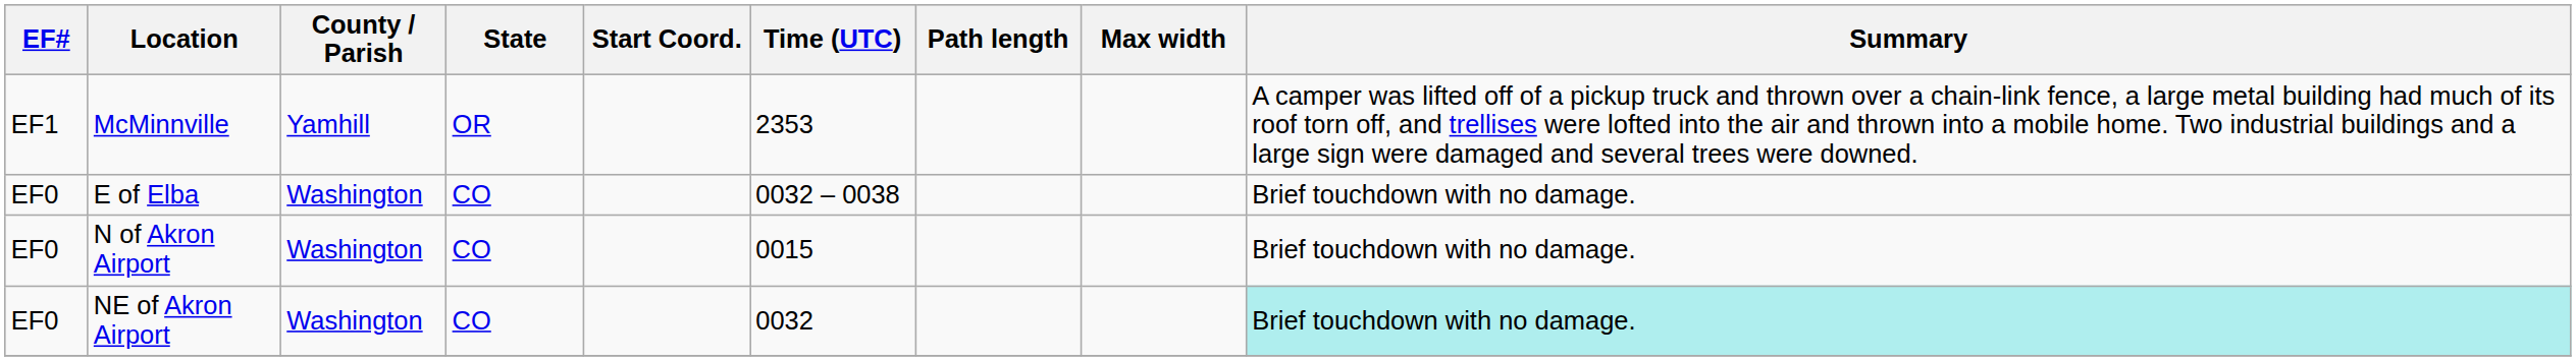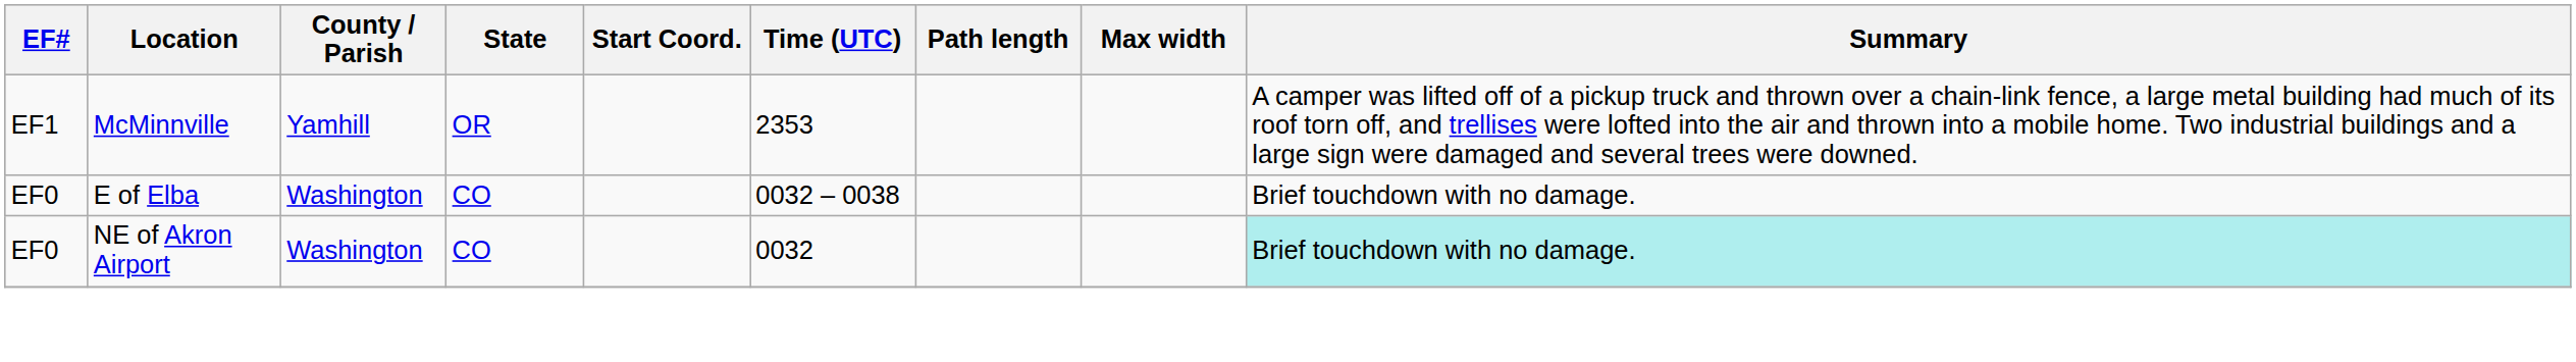 <table class="wikitable sortable" style="width:100%;">
 <tr>
 <th scope="col" width="3%" align="center"><a href='#'>EF#</a></th>
 <th scope="col" width="7%" align="center" class="unsortable">Location</th>
 <th scope="col" width="6%" align="center" class="unsortable">County / Parish</th>
 <th scope="col" width="5%" align="center">State</th>
 <th scope="col" width="6%" align="center">Start Coord.</th>
 <th scope="col" width="6%" align="center">Time (<a href='#'>UTC</a>)</th>
 <th scope="col" width="6%" align="center">Path length</th>
 <th scope="col" width="6%" align="center">Max width</th>
 <th scope="col" width="48%" class="unsortable" align="center">Summary</th>
 </tr>
 <tr>
 <td>EF1</td>
 <td><a href='#'>McMinnville</a></td>
 <td><a href='#'>Yamhill</a></td>
 <td><a href='#'>OR</a></td>
 <td></td>
 <td>2353</td>
 <td></td>
 <td></td>
 <td>A camper was lifted off of a pickup truck and thrown over a chain-link fence, a large metal building had much of its roof torn off, and  <a href='#'>trellises</a> were lofted into the air and thrown into a mobile home. Two industrial buildings and a large sign were damaged and several trees were downed.</td>
 </tr>
 <tr>
 <td>EF0</td>
 <td>E of <a href='#'>Elba</a></td>
 <td><a href='#'>Washington</a></td>
 <td><a href='#'>CO</a></td>
 <td></td>
 <td>0032 – 0038</td>
 <td></td>
 <td></td>
 <td>Brief touchdown with no damage.</td>
 </tr>
 <tr>
 <td>EF0</td>
-<td>N of <a href='#'>Akron Airport</a></td>
-<td><a href='#'>Washington</a></td>
-<td><a href='#'>CO</a></td>
-<td></td>
-<td>0015</td>
-<td></td>
-<td></td>
-<td>Brief touchdown with no damage.</td>
-</tr>
-<tr>
-<td>EF0</td>
 <td>NE of <a href='#'>Akron Airport</a></td>
 <td><a href='#'>Washington</a></td>
 <td><a href='#'>CO</a></td>
 <td></td>
 <td>0032</td>
 <td></td>
 <td></td>
 <td style="background: paleturquoise;">Brief touchdown with no damage.</td>
 </tr>
 <tr>
 </tr>
 </table>
